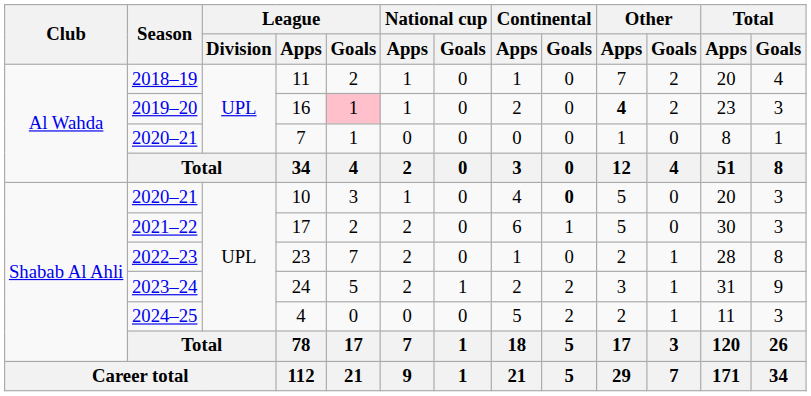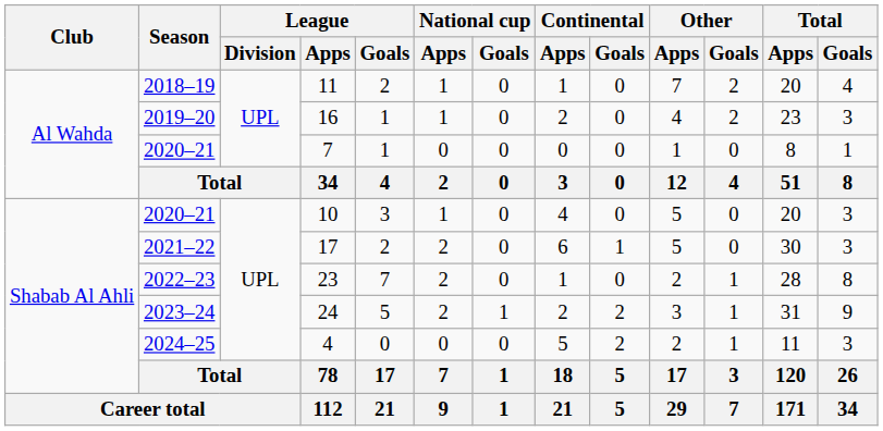 <table class="wikitable" style="text-align:center">
 <tr>
 <th rowspan="2">Club</th>
 <th rowspan="2">Season</th>
 <th colspan="3">League</th>
 <th colspan="2">National cup</th>
 <th colspan="2">Continental</th>
 <th colspan="2">Other</th>
 <th colspan="2">Total</th>
 </tr>
 <tr>
 <th>Division</th>
 <th>Apps</th>
 <th>Goals</th>
 <th>Apps</th>
 <th>Goals</th>
 <th>Apps</th>
 <th>Goals</th>
 <th>Apps</th>
 <th>Goals</th>
 <th>Apps</th>
 <th>Goals</th>
 </tr>
 <tr>
 <td rowspan="4"><a href='#'>Al Wahda</a></td>
 <td><a href='#'>2018–19</a></td>
 <td rowspan="3"><a href='#'> UPL</a></td>
 <td>11</td>
 <td>2</td>
 <td>1</td>
 <td>0</td>
 <td>1</td>
 <td>0</td>
 <td>7</td>
 <td>2</td>
 <td>20</td>
 <td>4</td>
 </tr>
 <tr>
 <td><a href='#'>2019–20</a></td>
 <td>16</td>
-<td style="background: pink;">1</td>
+<td>1</td>
 <td>1</td>
 <td>0</td>
 <td>2</td>
 <td>0</td>
-<td><strong>4</strong></td>
+<td>4</td>
 <td>2</td>
 <td>23</td>
 <td>3</td>
 </tr>
 <tr>
 <td><a href='#'>2020–21</a></td>
 <td>7</td>
 <td>1</td>
 <td>0</td>
 <td>0</td>
 <td>0</td>
 <td>0</td>
 <td>1</td>
 <td>0</td>
 <td>8</td>
 <td>1</td>
 </tr>
 <tr>
 <th colspan="2">Total</th>
 <th>34</th>
 <th>4</th>
 <th>2</th>
 <th>0</th>
 <th>3</th>
 <th>0</th>
 <th>12</th>
 <th>4</th>
 <th>51</th>
 <th>8</th>
 </tr>
 <tr>
 <td rowspan="6"><a href='#'>Shabab Al Ahli</a></td>
 <td><a href='#'>2020–21</a></td>
 <td rowspan="5">UPL</td>
 <td>10</td>
 <td>3</td>
 <td>1</td>
 <td>0</td>
 <td>4</td>
-<td><strong>0</strong></td>
+<td>0</td>
 <td>5</td>
 <td>0</td>
 <td>20</td>
 <td>3</td>
 </tr>
 <tr>
 <td><a href='#'>2021–22</a></td>
 <td>17</td>
 <td>2</td>
 <td>2</td>
 <td>0</td>
 <td>6</td>
 <td>1</td>
 <td>5</td>
 <td>0</td>
 <td>30</td>
 <td>3</td>
 </tr>
 <tr>
 <td><a href='#'>2022–23</a></td>
 <td>23</td>
 <td>7</td>
 <td>2</td>
 <td>0</td>
 <td>1</td>
 <td>0</td>
 <td>2</td>
 <td>1</td>
 <td>28</td>
 <td>8</td>
 </tr>
 <tr>
 <td><a href='#'>2023–24</a></td>
 <td>24</td>
 <td>5</td>
 <td>2</td>
 <td>1</td>
 <td>2</td>
 <td>2</td>
 <td>3</td>
 <td>1</td>
 <td>31</td>
 <td>9</td>
 </tr>
 <tr>
 <td><a href='#'>2024–25</a></td>
 <td>4</td>
 <td>0</td>
 <td>0</td>
 <td>0</td>
 <td>5</td>
 <td>2</td>
 <td>2</td>
 <td>1</td>
 <td>11</td>
 <td>3</td>
 </tr>
 <tr>
 <th colspan="2">Total</th>
 <th>78</th>
 <th>17</th>
 <th>7</th>
 <th>1</th>
 <th>18</th>
 <th>5</th>
 <th>17</th>
 <th>3</th>
 <th>120</th>
 <th>26</th>
 </tr>
 <tr>
 <th colspan="3">Career total</th>
 <th>112</th>
 <th>21</th>
 <th>9</th>
 <th>1</th>
 <th>21</th>
 <th>5</th>
 <th>29</th>
 <th>7</th>
 <th>171</th>
 <th>34</th>
 </tr>
 </table>
